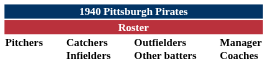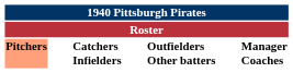 <table class="toccolours" style="font-size: 95%;">
 <tr>
 <th colspan="10" style="background-color: #023465; color: white; text-align: center;">1940 Pittsburgh Pirates</th>
 </tr>
 <tr>
 <td colspan="10" style="background-color: #ba313c; color: white; text-align: center;"><strong>Roster</strong></td>
 </tr>
 <tr>
-<td valign="top"><strong>Pitchers</strong><br>             </td>
+<td valign="top" style="background: lightsalmon;"><strong>Pitchers</strong><br>             </td>
 <td width="25px"></td>
 <td valign="top"><strong>Catchers</strong><br>      <strong>Infielders</strong>        </td>
 <td width="25px"></td>
 <td valign="top"><strong>Outfielders</strong><br>       <strong>Other batters</strong> </td>
 <td width="25px"></td>
 <td valign="top"><strong>Manager</strong><br> <strong>Coaches</strong>   </td>
 </tr>
 </table>
